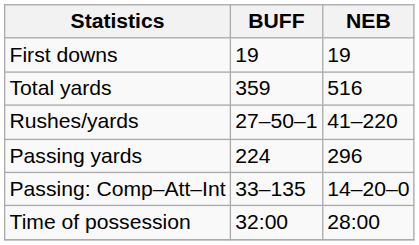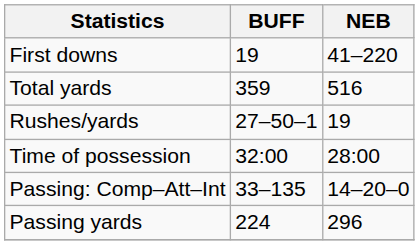 <table class="wikitable" style="float: left;">
 <tr>
 <th>Statistics</th>
 <th>BUFF</th>
 <th>NEB</th>
 </tr>
 <tr>
 <td>First downs</td>
 <td>19</td>
-<td>19</td>
+<td>41–220</td>
 </tr>
 <tr>
 <td>Total yards</td>
 <td>359</td>
 <td>516</td>
 </tr>
 <tr>
 <td>Rushes/yards</td>
 <td>27–50–1</td>
-<td>41–220</td>
+<td>19</td>
+</tr>
+<tr>
+<td>Time of possession</td>
+<td>32:00</td>
+<td>28:00</td>
+</tr>
+<tr>
+<td>Passing: Comp–Att–Int</td>
+<td>33–135</td>
+<td>14–20–0</td>
 </tr>
 <tr>
 <td>Passing yards</td>
 <td>224</td>
 <td>296</td>
 </tr>
 <tr>
-<td>Passing: Comp–Att–Int</td>
-<td>33–135</td>
-<td>14–20–0</td>
-</tr>
-<tr>
-<td>Time of possession</td>
-<td>32:00</td>
-<td>28:00</td>
-</tr>
-<tr>
 </tr>
 </table>
